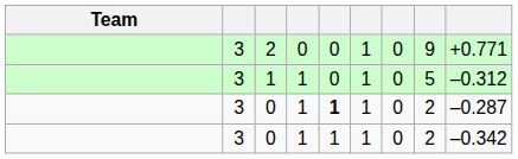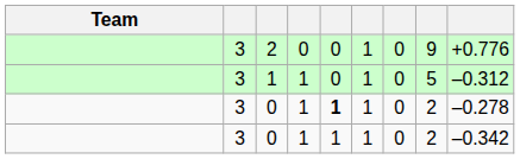 <table class="wikitable" style="text-align:center">
 <tr>
 <th width=180>Team</th>
 <th width=20></th>
 <th width=20></th>
 <th width=20></th>
 <th width=20></th>
 <th width=20></th>
 <th width=20></th>
 <th width=20></th>
 <th width=45></th>
 </tr>
 <tr style="background:#cfc">
 <td align="left"></td>
 <td>3</td>
 <td>2</td>
 <td>0</td>
 <td>0</td>
 <td>1</td>
 <td>0</td>
 <td>9</td>
-<td>+0.771</td>
+<td>+0.776</td>
 </tr>
 <tr style="background:#cfc">
 <td align="left"></td>
 <td>3</td>
 <td>1</td>
 <td>1</td>
 <td>0</td>
 <td>1</td>
 <td>0</td>
 <td>5</td>
 <td>–0.312</td>
 </tr>
 <tr>
 <td align="left"></td>
 <td>3</td>
 <td>0</td>
 <td>1</td>
 <td><strong>1</strong></td>
 <td>1</td>
 <td>0</td>
 <td>2</td>
-<td>–0.287</td>
+<td>–0.278</td>
 </tr>
 <tr>
 <td align="left"></td>
 <td>3</td>
 <td>0</td>
 <td>1</td>
 <td>1</td>
 <td>1</td>
 <td>0</td>
 <td>2</td>
 <td>–0.342</td>
 </tr>
 </table>
